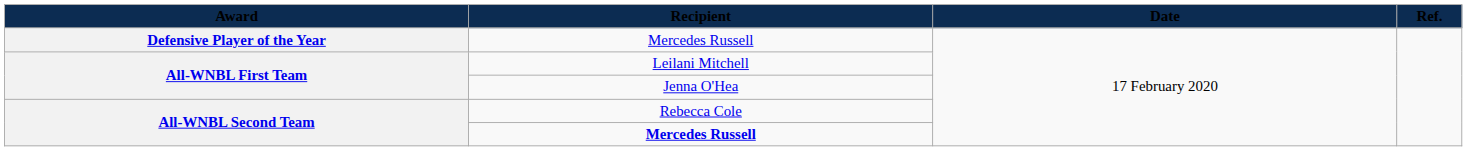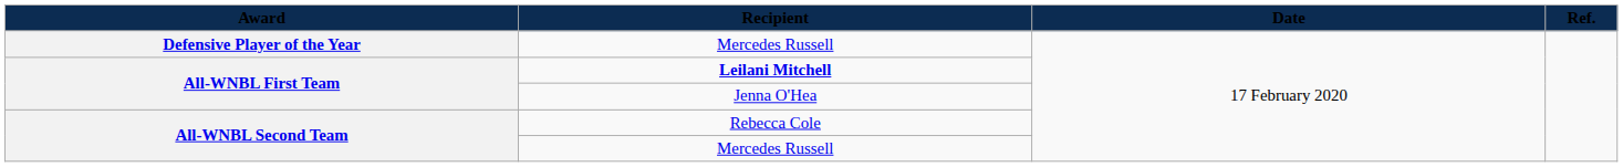 <table class="wikitable sortable sortable" style="text-align: center">
 <tr>
 <th style="background: #0c2c52" width="10%"><span>Award</span></th>
 <th style="background: #0c2c52" width="10%"><span>Recipient</span></th>
 <th style="background: #0c2c52" width="10%"><span>Date</span></th>
 <th style="background: #0c2c52" width="1%" class="unsortable"><span>Ref.</span></th>
 </tr>
 <tr>
 <th rowspan=1><a href='#'>Defensive Player of the Year</a></th>
 <td><a href='#'>Mercedes Russell</a></td>
 <td rowspan=5>17 February 2020</td>
 <td rowspan=5></td>
 </tr>
 <tr>
 <th rowspan=2><a href='#'>All-WNBL First Team</a></th>
-<td><a href='#'>Leilani Mitchell</a></td>
+<td><strong><a href='#'>Leilani Mitchell</a></strong></td>
 </tr>
 <tr>
 <td><a href='#'>Jenna O'Hea</a></td>
 </tr>
 <tr>
 <th rowspan=2><a href='#'>All-WNBL Second Team</a></th>
 <td><a href='#'>Rebecca Cole</a></td>
 </tr>
 <tr>
-<td><strong><a href='#'>Mercedes Russell</a></strong></td>
+<td><a href='#'>Mercedes Russell</a></td>
 </tr>
 </table>
